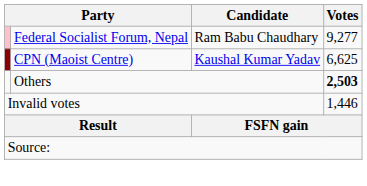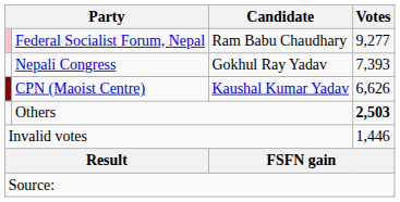 <table class="wikitable">
 <tr>
 <th colspan="2">Party</th>
 <th>Candidate</th>
 <th>Votes</th>
 </tr>
 <tr>
 <td style="background-color:pink"></td>
 <td><a href='#'>Federal Socialist Forum, Nepal</a></td>
 <td>Ram Babu Chaudhary</td>
 <td>9,277</td>
 </tr>
 <tr>
+<td style="background-color:"></td>
+<td><a href='#'>Nepali Congress</a></td>
+<td>Gokhul Ray Yadav</td>
+<td>7,393</td>
+</tr>
+<tr>
 <td style="background-color:darkred"></td>
 <td><a href='#'>CPN (Maoist Centre)</a></td>
 <td><a href='#'>Kaushal Kumar Yadav</a></td>
-<td>6,625</td>
+<td>6,626</td>
 </tr>
 <tr>
 <td></td>
 <td colspan="2">Others</td>
 <td><strong>2,503</strong></td>
 </tr>
 <tr>
 <td colspan="3">Invalid votes</td>
 <td>1,446</td>
 </tr>
 <tr>
 <th colspan="2">Result</th>
 <th colspan="2">FSFN gain</th>
 </tr>
 <tr>
 <td colspan="4">Source: </td>
 </tr>
 </table>
